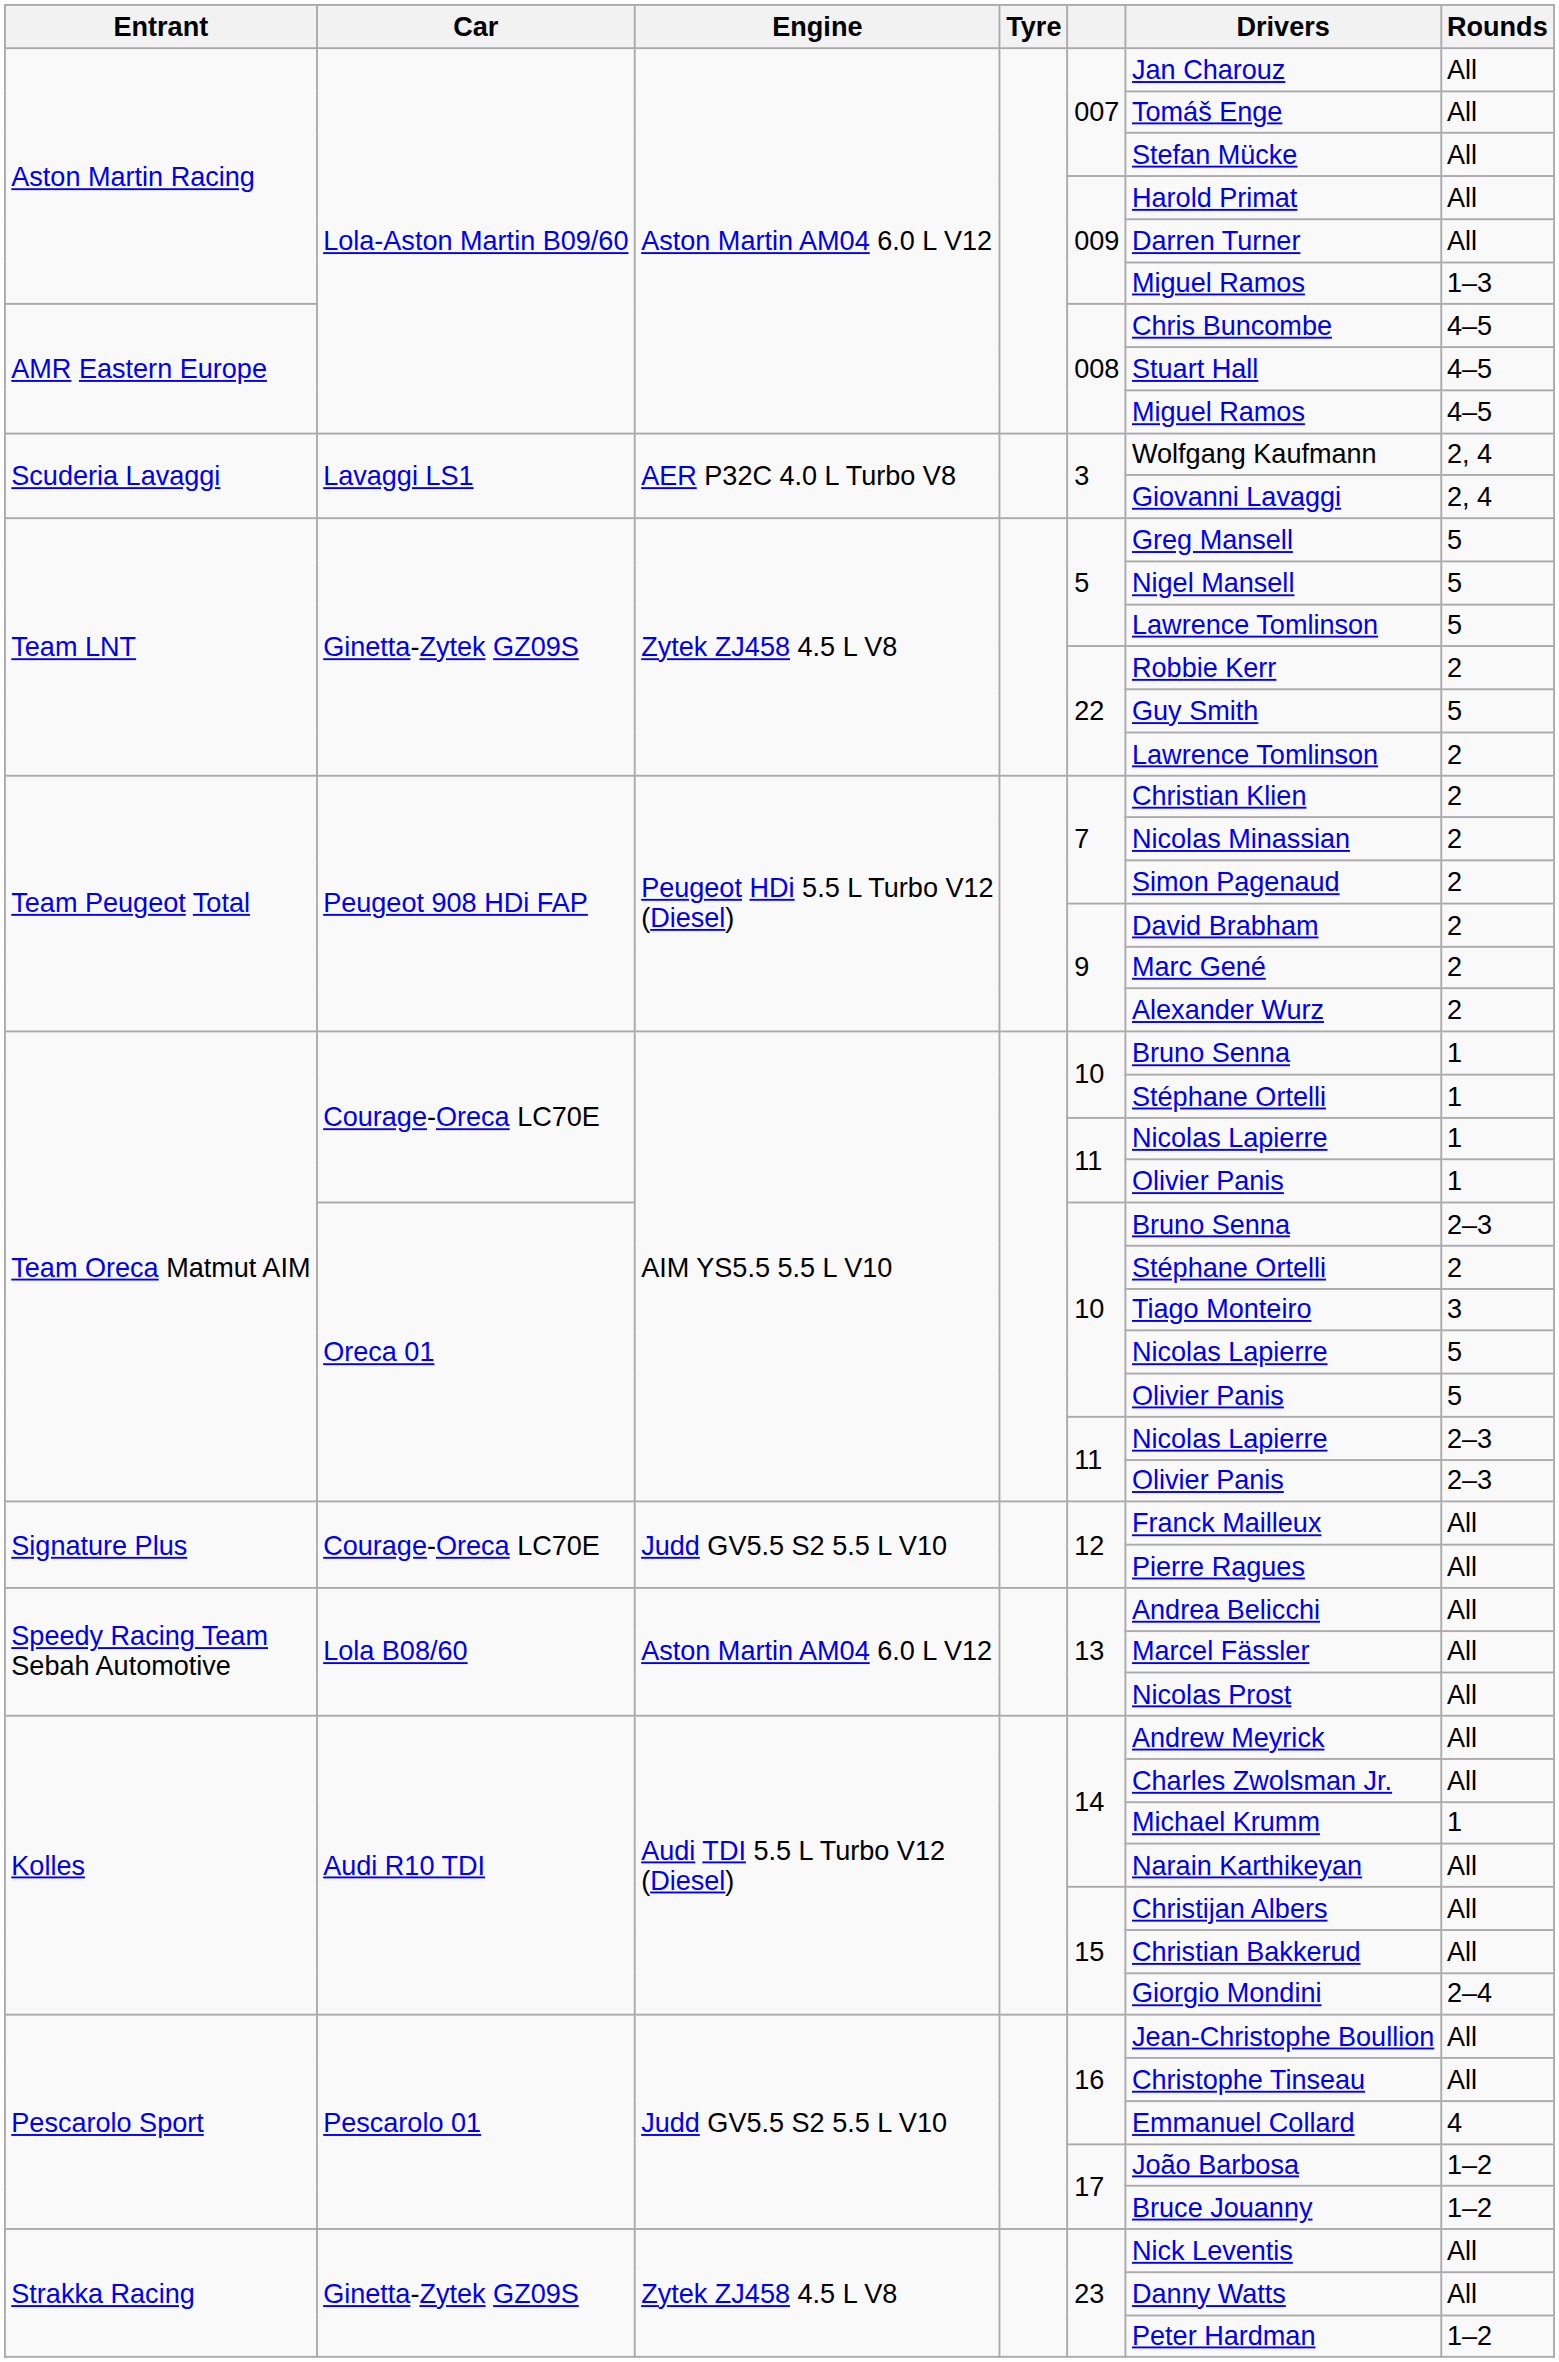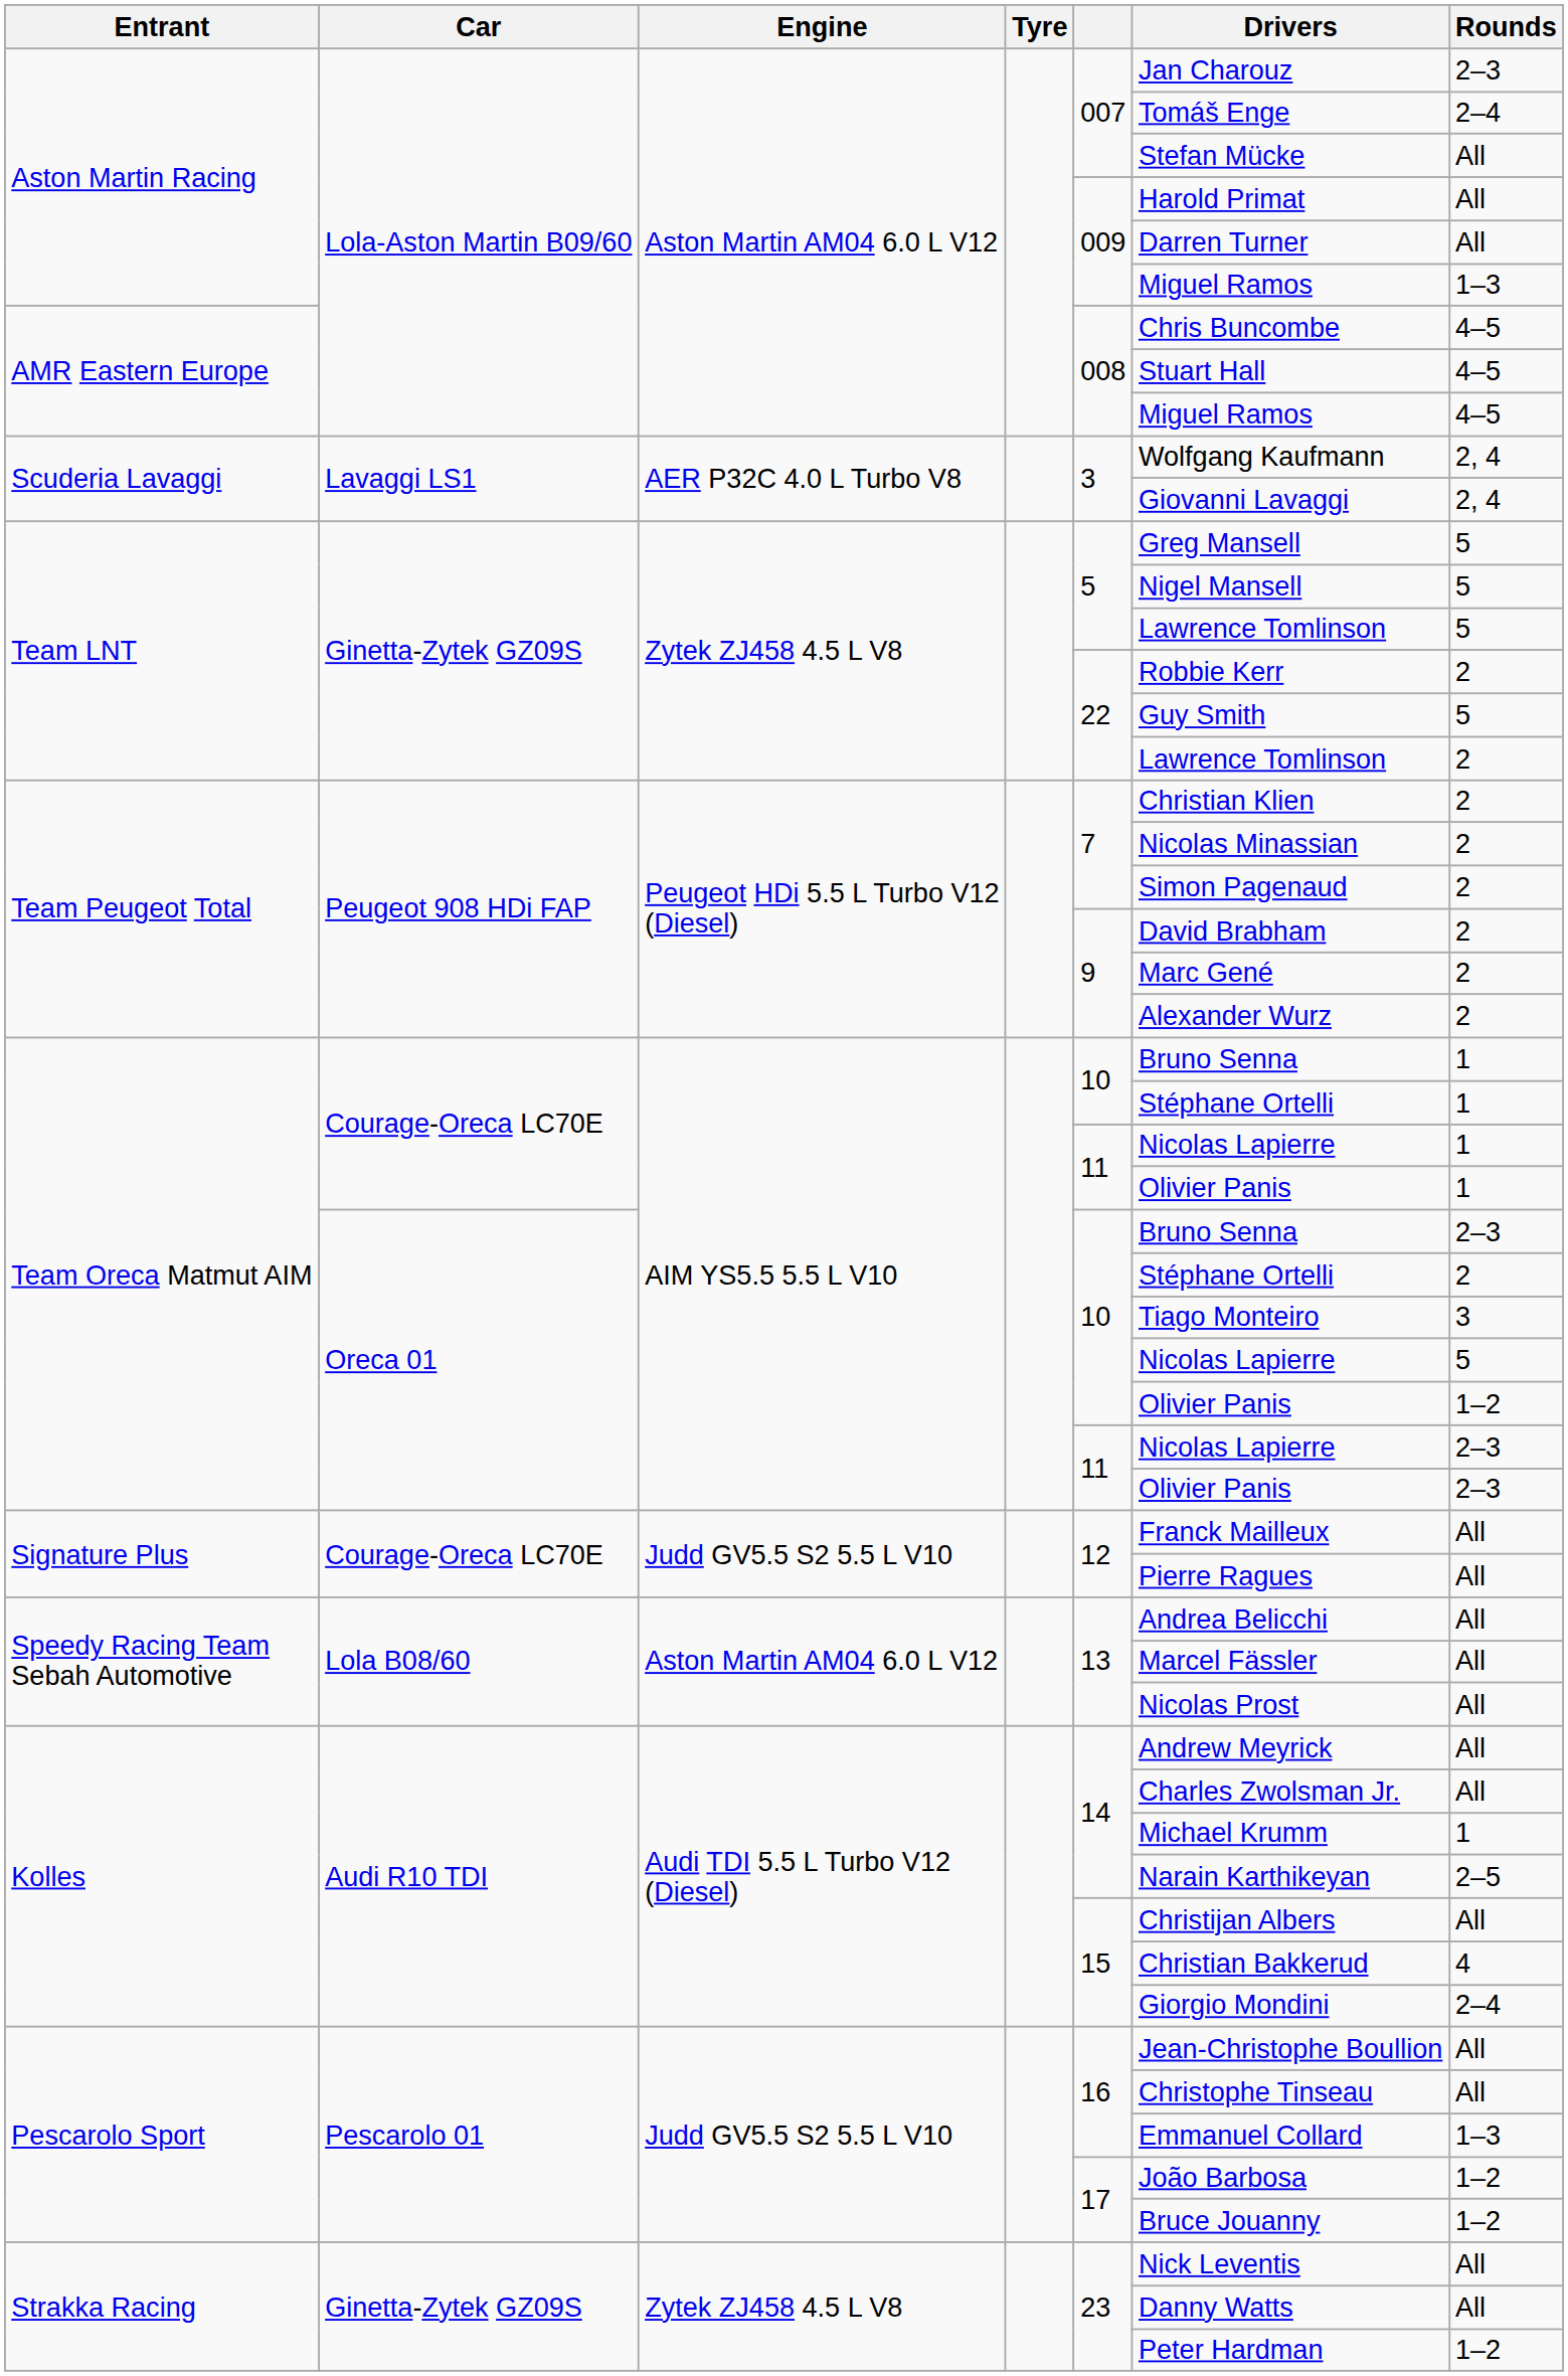 <table class="wikitable" style="font-size: 90%">
 <tr>
 <th>Entrant</th>
 <th>Car</th>
 <th>Engine</th>
 <th>Tyre</th>
 <th></th>
 <th>Drivers</th>
 <th>Rounds</th>
 </tr>
 <tr>
 <td rowspan="6"> <a href='#'>Aston Martin Racing</a></td>
 <td rowspan="9"><a href='#'>Lola-Aston Martin B09/60</a></td>
 <td rowspan="9"><a href='#'>Aston Martin AM04</a> 6.0 L V12</td>
 <td rowspan="9"></td>
 <td rowspan="3">007</td>
 <td> <a href='#'>Jan Charouz</a></td>
-<td>All</td>
+<td>2–3</td>
 </tr>
 <tr>
 <td> <a href='#'>Tomáš Enge</a></td>
-<td>All</td>
+<td>2–4</td>
 </tr>
 <tr>
 <td> <a href='#'>Stefan Mücke</a></td>
 <td>All</td>
 </tr>
 <tr>
 <td rowspan="3">009</td>
 <td> <a href='#'>Harold Primat</a></td>
 <td>All</td>
 </tr>
 <tr>
 <td> <a href='#'>Darren Turner</a></td>
 <td>All</td>
 </tr>
 <tr>
 <td> <a href='#'>Miguel Ramos</a></td>
 <td>1–3</td>
 </tr>
 <tr>
 <td rowspan="3"> <a href='#'>AMR</a> <a href='#'>Eastern Europe</a></td>
 <td rowspan="3">008</td>
 <td> <a href='#'>Chris Buncombe</a></td>
 <td>4–5</td>
 </tr>
 <tr>
 <td> <a href='#'>Stuart Hall</a></td>
 <td>4–5</td>
 </tr>
 <tr>
 <td> <a href='#'>Miguel Ramos</a></td>
 <td>4–5</td>
 </tr>
 <tr>
 <td rowspan=2> <a href='#'>Scuderia Lavaggi</a></td>
 <td rowspan=2><a href='#'>Lavaggi LS1</a></td>
 <td rowspan=2><a href='#'>AER</a> P32C 4.0 L Turbo V8</td>
 <td rowspan=2></td>
 <td rowspan=2>3</td>
 <td> Wolfgang Kaufmann</td>
 <td>2, 4</td>
 </tr>
 <tr>
 <td> <a href='#'>Giovanni Lavaggi</a></td>
 <td>2, 4</td>
 </tr>
 <tr>
 <td rowspan=6> <a href='#'>Team LNT</a></td>
 <td rowspan=6><a href='#'>Ginetta</a>-<a href='#'>Zytek</a> <a href='#'>GZ09S</a></td>
 <td rowspan=6><a href='#'>Zytek ZJ458</a> 4.5 L V8</td>
 <td rowspan=6></td>
 <td rowspan=3>5</td>
 <td> <a href='#'>Greg Mansell</a></td>
 <td>5</td>
 </tr>
 <tr>
 <td> <a href='#'>Nigel Mansell</a></td>
 <td>5</td>
 </tr>
 <tr>
 <td> <a href='#'>Lawrence Tomlinson</a></td>
 <td>5</td>
 </tr>
 <tr>
 <td rowspan=3>22</td>
 <td> <a href='#'>Robbie Kerr</a></td>
 <td>2</td>
 </tr>
 <tr>
 <td> <a href='#'>Guy Smith</a></td>
 <td>5</td>
 </tr>
 <tr>
 <td> <a href='#'>Lawrence Tomlinson</a></td>
 <td>2</td>
 </tr>
 <tr>
 <td rowspan=6> <a href='#'>Team Peugeot</a> <a href='#'>Total</a></td>
 <td rowspan=6><a href='#'>Peugeot 908 HDi FAP</a></td>
 <td rowspan=6><a href='#'>Peugeot</a> <a href='#'>HDi</a> 5.5 L Turbo V12<br>(<a href='#'>Diesel</a>)</td>
 <td rowspan=6></td>
 <td rowspan=3>7</td>
 <td> <a href='#'>Christian Klien</a></td>
 <td>2</td>
 </tr>
 <tr>
 <td> <a href='#'>Nicolas Minassian</a></td>
 <td>2</td>
 </tr>
 <tr>
 <td> <a href='#'>Simon Pagenaud</a></td>
 <td>2</td>
 </tr>
 <tr>
 <td rowspan=3>9</td>
 <td> <a href='#'>David Brabham</a></td>
 <td>2</td>
 </tr>
 <tr>
 <td> <a href='#'>Marc Gené</a></td>
 <td>2</td>
 </tr>
 <tr>
 <td> <a href='#'>Alexander Wurz</a></td>
 <td>2</td>
 </tr>
 <tr>
 <td rowspan=11> <a href='#'>Team Oreca</a> Matmut AIM</td>
 <td rowspan=4><a href='#'>Courage</a>-<a href='#'>Oreca</a> LC70E</td>
 <td rowspan=11>AIM YS5.5 5.5 L V10</td>
 <td rowspan=11></td>
 <td rowspan=2>10</td>
 <td> <a href='#'>Bruno Senna</a></td>
 <td>1</td>
 </tr>
 <tr>
 <td> <a href='#'>Stéphane Ortelli</a></td>
 <td>1</td>
 </tr>
 <tr>
 <td rowspan=2>11</td>
 <td> <a href='#'>Nicolas Lapierre</a></td>
 <td>1</td>
 </tr>
 <tr>
 <td> <a href='#'>Olivier Panis</a></td>
 <td>1</td>
 </tr>
 <tr>
 <td rowspan=7><a href='#'>Oreca 01</a></td>
 <td rowspan=5>10</td>
 <td> <a href='#'>Bruno Senna</a></td>
 <td>2–3</td>
 </tr>
 <tr>
 <td> <a href='#'>Stéphane Ortelli</a></td>
 <td>2</td>
 </tr>
 <tr>
 <td> <a href='#'>Tiago Monteiro</a></td>
 <td>3</td>
 </tr>
 <tr>
 <td> <a href='#'>Nicolas Lapierre</a></td>
 <td>5</td>
 </tr>
 <tr>
 <td> <a href='#'>Olivier Panis</a></td>
-<td>5</td>
+<td>1–2</td>
 </tr>
 <tr>
 <td rowspan=2>11</td>
 <td> <a href='#'>Nicolas Lapierre</a></td>
 <td>2–3</td>
 </tr>
 <tr>
 <td> <a href='#'>Olivier Panis</a></td>
 <td>2–3</td>
 </tr>
 <tr>
 <td rowspan=2> <a href='#'>Signature Plus</a></td>
 <td rowspan=2><a href='#'>Courage</a>-<a href='#'>Oreca</a> LC70E</td>
 <td rowspan=2><a href='#'>Judd</a> GV5.5 S2 5.5 L V10</td>
 <td rowspan=2></td>
 <td rowspan=2>12</td>
 <td> <a href='#'>Franck Mailleux</a></td>
 <td>All</td>
 </tr>
 <tr>
 <td> <a href='#'>Pierre Ragues</a></td>
 <td>All</td>
 </tr>
 <tr>
 <td rowspan=3> <a href='#'>Speedy Racing Team</a><br> Sebah Automotive</td>
 <td rowspan=3><a href='#'>Lola B08/60</a></td>
 <td rowspan=3><a href='#'>Aston Martin AM04</a> 6.0 L V12</td>
 <td rowspan=3></td>
 <td rowspan=3>13</td>
 <td> <a href='#'>Andrea Belicchi</a></td>
 <td>All</td>
 </tr>
 <tr>
 <td> <a href='#'>Marcel Fässler</a></td>
 <td>All</td>
 </tr>
 <tr>
 <td> <a href='#'>Nicolas Prost</a></td>
 <td>All</td>
 </tr>
 <tr>
 <td rowspan=7> <a href='#'>Kolles</a></td>
 <td rowspan=7><a href='#'>Audi R10 TDI</a></td>
 <td rowspan=7><a href='#'>Audi</a> <a href='#'>TDI</a> 5.5 L Turbo V12<br>(<a href='#'>Diesel</a>)</td>
 <td rowspan=7></td>
 <td rowspan=4>14</td>
 <td> <a href='#'>Andrew Meyrick</a></td>
 <td>All</td>
 </tr>
 <tr>
 <td> <a href='#'>Charles Zwolsman Jr.</a></td>
 <td>All</td>
 </tr>
 <tr>
 <td> <a href='#'>Michael Krumm</a></td>
 <td>1</td>
 </tr>
 <tr>
 <td> <a href='#'>Narain Karthikeyan</a></td>
-<td>All</td>
+<td>2–5</td>
 </tr>
 <tr>
 <td rowspan=3>15</td>
 <td> <a href='#'>Christijan Albers</a></td>
 <td>All</td>
 </tr>
 <tr>
 <td> <a href='#'>Christian Bakkerud</a></td>
-<td>All</td>
+<td>4</td>
 </tr>
 <tr>
 <td> <a href='#'>Giorgio Mondini</a></td>
 <td>2–4</td>
 </tr>
 <tr>
 <td rowspan=5> <a href='#'>Pescarolo Sport</a></td>
 <td rowspan=5><a href='#'>Pescarolo 01</a></td>
 <td rowspan=5><a href='#'>Judd</a> GV5.5 S2 5.5 L V10</td>
 <td rowspan=5></td>
 <td rowspan=3>16</td>
 <td> <a href='#'>Jean-Christophe Boullion</a></td>
 <td>All</td>
 </tr>
 <tr>
 <td> <a href='#'>Christophe Tinseau</a></td>
 <td>All</td>
 </tr>
 <tr>
 <td> <a href='#'>Emmanuel Collard</a></td>
-<td>4</td>
+<td>1–3</td>
 </tr>
 <tr>
 <td rowspan=2>17</td>
 <td> <a href='#'>João Barbosa</a></td>
 <td>1–2</td>
 </tr>
 <tr>
 <td> <a href='#'>Bruce Jouanny</a></td>
 <td>1–2</td>
 </tr>
 <tr>
 <td rowspan=3> <a href='#'>Strakka Racing</a></td>
 <td rowspan=3><a href='#'>Ginetta</a>-<a href='#'>Zytek</a> <a href='#'>GZ09S</a></td>
 <td rowspan=3><a href='#'>Zytek ZJ458</a> 4.5 L V8</td>
 <td rowspan=3></td>
 <td rowspan=3>23</td>
 <td> <a href='#'>Nick Leventis</a></td>
 <td>All</td>
 </tr>
 <tr>
 <td> <a href='#'>Danny Watts</a></td>
 <td>All</td>
 </tr>
 <tr>
 <td> <a href='#'>Peter Hardman</a></td>
 <td>1–2</td>
 </tr>
 </table>
